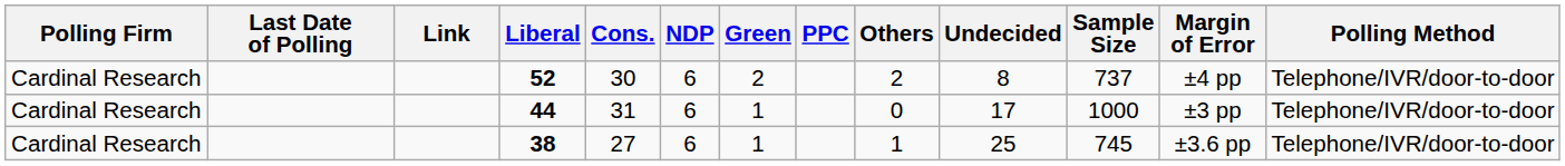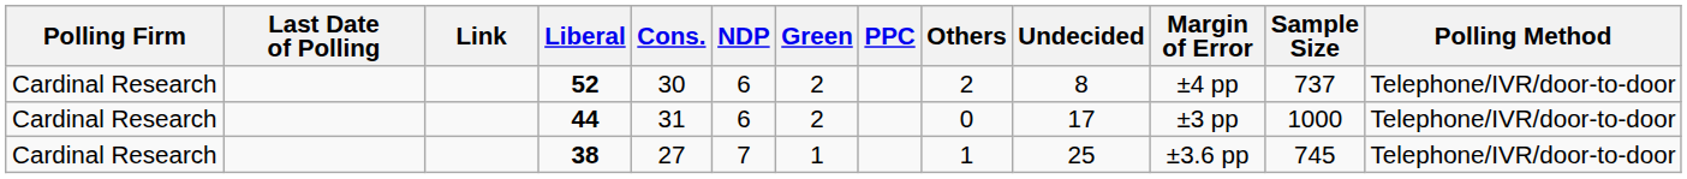 <table class="wikitable sortable" style="text-align:center;font-size:90%;line-height:14px;">
 <tr style="background:#e9e9e9;">
 <th style="width:120px">Polling Firm</th>
 <th style="width:110px">Last Date<br>of Polling</th>
 <th style="width:60px" class="unsortable">Link</th>
 <th style="background-color:"><a href='#'>Liberal</a></th>
 <th style="background-color:"><a href='#'>Cons.</a></th>
 <th style="background-color:"><a href='#'>NDP</a></th>
 <th style="background-color:"><a href='#'>Green</a></th>
 <th style="background-color:"><a href='#'><span>PPC</span></a></th>
 <th style="background-color:">Others</th>
 <th style="background-color:">Undecided</th>
+<th style="width:60px;" class=unsortable>Margin<br>of Error</th>
 <th style="width:50px;" class=unsortable>Sample<br>Size</th>
-<th style="width:60px;" class=unsortable>Margin<br>of Error</th>
 <th class=unsortable>Polling Method</th>
 </tr>
 <tr>
 <td>Cardinal Research</td>
 <td></td>
 <td></td>
 <td><strong>52</strong></td>
 <td>30</td>
 <td>6</td>
 <td>2</td>
 <td></td>
 <td>2</td>
 <td>8</td>
+<td>±4 pp</td>
 <td>737</td>
-<td>±4 pp</td>
 <td>Telephone/IVR/door-to-door</td>
 </tr>
 <tr>
 <td>Cardinal Research</td>
 <td></td>
 <td></td>
 <td><strong>44</strong></td>
 <td>31</td>
 <td>6</td>
-<td>1</td>
+<td>2</td>
 <td></td>
 <td>0</td>
 <td>17</td>
+<td>±3 pp</td>
 <td>1000</td>
-<td>±3 pp</td>
 <td>Telephone/IVR/door-to-door</td>
 </tr>
 <tr>
 <td>Cardinal Research</td>
 <td></td>
 <td></td>
 <td><strong>38</strong></td>
 <td>27</td>
-<td>6</td>
+<td>7</td>
 <td>1</td>
 <td></td>
 <td>1</td>
 <td>25</td>
+<td>±3.6 pp</td>
 <td>745</td>
-<td>±3.6 pp</td>
 <td>Telephone/IVR/door-to-door</td>
 </tr>
 </table>
